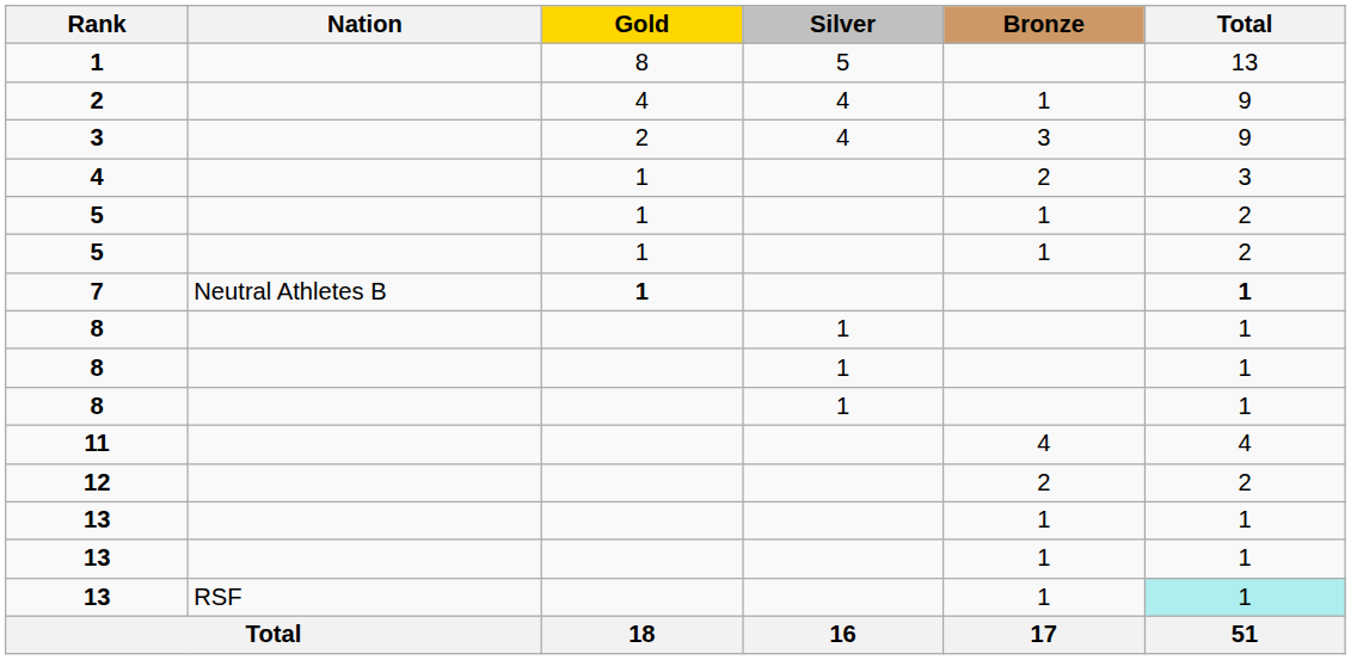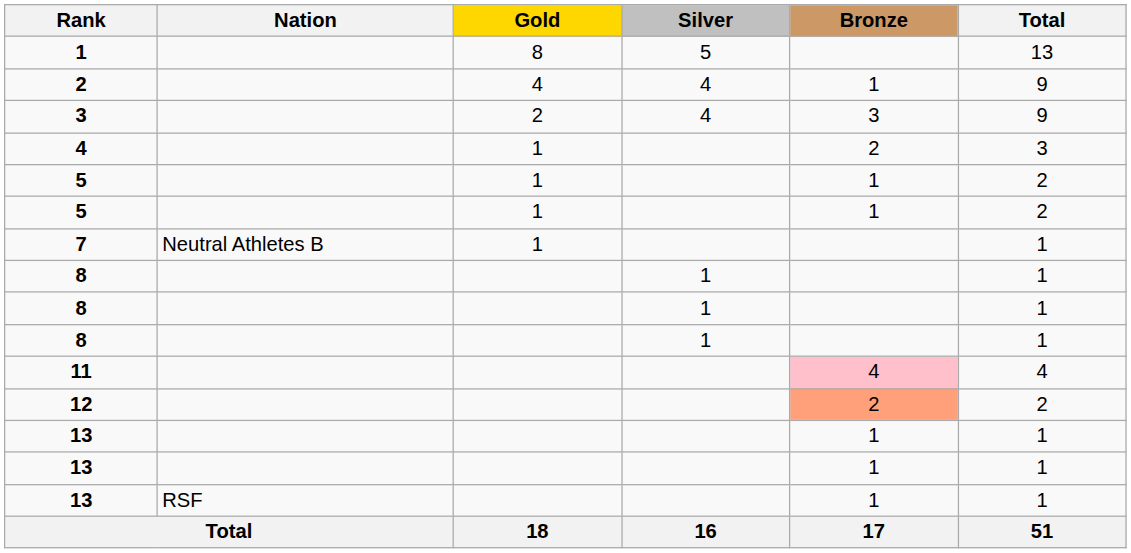 <table class="wikitable collapsible autocollapse plainrowheaders" width=70.5% style="text-align:center;">
 <tr style="background-color:#EDEDED;">
 <th width=100px class="hintergrundfarbe5">Rank</th>
 <th width=200px class="hintergrundfarbe6">Nation</th>
 <th style="background:    gold; width:15%">Gold</th>
 <th style="background:  silver; width:15%">Silver</th>
 <th style="background: #CC9966; width:15%">Bronze</th>
 <th class="hintergrundfarbe6" style="width:15%">Total</th>
 </tr>
 <tr>
 <td><strong>1</strong></td>
 <td align=left></td>
 <td>8</td>
 <td>5</td>
 <td></td>
 <td>13</td>
 </tr>
 <tr>
 <td><strong>2</strong></td>
 <td align=left></td>
 <td>4</td>
 <td>4</td>
 <td>1</td>
 <td>9</td>
 </tr>
 <tr>
 <td><strong>3</strong></td>
 <td align=left></td>
 <td>2</td>
 <td>4</td>
 <td>3</td>
 <td>9</td>
 </tr>
 <tr>
 <td><strong>4</strong></td>
 <td align=left></td>
 <td>1</td>
 <td></td>
 <td>2</td>
 <td>3</td>
 </tr>
 <tr>
 <td><strong>5</strong></td>
 <td align=left></td>
 <td>1</td>
 <td></td>
 <td>1</td>
 <td>2</td>
 </tr>
 <tr>
 <td><strong>5</strong></td>
 <td align=left></td>
 <td>1</td>
 <td></td>
 <td>1</td>
 <td>2</td>
 </tr>
 <tr>
 <td><strong>7</strong></td>
 <td align=left> Neutral Athletes B</td>
-<td><strong>1</strong></td>
+<td>1</td>
 <td></td>
 <td></td>
-<td><strong>1</strong></td>
+<td>1</td>
 </tr>
 <tr>
 <td><strong>8</strong></td>
 <td align=left></td>
 <td></td>
 <td>1</td>
 <td></td>
 <td>1</td>
 </tr>
 <tr>
 <td><strong>8</strong></td>
 <td align=left></td>
 <td></td>
 <td>1</td>
 <td></td>
 <td>1</td>
 </tr>
 <tr>
 <td><strong>8</strong></td>
 <td align=left></td>
 <td></td>
 <td>1</td>
 <td></td>
 <td>1</td>
 </tr>
 <tr>
 <td><strong>11</strong></td>
 <td align=left></td>
 <td></td>
 <td></td>
-<td>4</td>
+<td style="background: pink;">4</td>
 <td>4</td>
 </tr>
 <tr>
 <td><strong>12</strong></td>
 <td align=left></td>
 <td></td>
 <td></td>
-<td>2</td>
+<td style="background: lightsalmon;">2</td>
 <td>2</td>
 </tr>
 <tr>
 <td><strong>13</strong></td>
 <td align=left></td>
 <td></td>
 <td></td>
 <td>1</td>
 <td>1</td>
 </tr>
 <tr>
 <td><strong>13</strong></td>
 <td align=left></td>
 <td></td>
 <td></td>
 <td>1</td>
 <td>1</td>
 </tr>
 <tr>
 <td><strong>13</strong></td>
 <td align=left>RSF</td>
 <td></td>
 <td></td>
 <td>1</td>
-<td style="background: paleturquoise;">1</td>
+<td>1</td>
 </tr>
 <tr>
 <th colspan=2>Total</th>
 <th>18</th>
 <th>16</th>
 <th>17</th>
 <th>51</th>
 </tr>
 </table>
